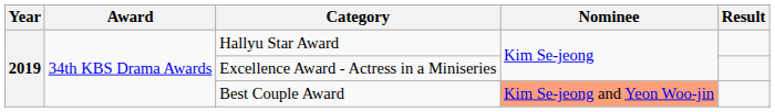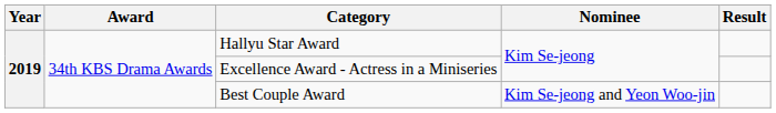 <table class="wikitable">
 <tr>
 <th>Year</th>
 <th>Award</th>
 <th>Category</th>
 <th>Nominee</th>
 <th>Result</th>
 </tr>
 <tr>
 <th rowspan="3">2019</th>
 <td rowspan="3"><a href='#'>34th KBS Drama Awards</a></td>
 <td>Hallyu Star Award</td>
 <td rowspan="2"><a href='#'>Kim Se-jeong</a></td>
 <td></td>
 </tr>
 <tr>
 <td>Excellence Award - Actress in a Miniseries</td>
 <td></td>
 </tr>
 <tr>
 <td>Best Couple Award</td>
-<td style="background: lightsalmon;"><a href='#'>Kim Se-jeong</a> and <a href='#'>Yeon Woo-jin</a></td>
+<td><a href='#'>Kim Se-jeong</a> and <a href='#'>Yeon Woo-jin</a></td>
 <td></td>
 </tr>
 </table>
